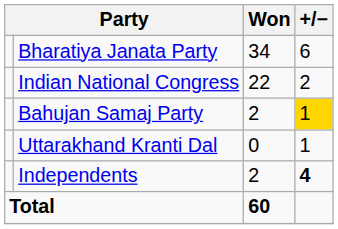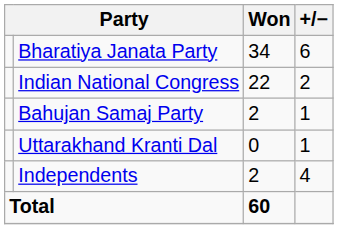 <table class="sortable wikitable">
 <tr>
 <th colspan="2">Party</th>
 <th>Won</th>
 <th><strong>+/−</strong></th>
 </tr>
 <tr>
 <td></td>
 <td><a href='#'>Bharatiya Janata Party</a></td>
 <td>34</td>
 <td>6</td>
 </tr>
 <tr>
 <td></td>
 <td><a href='#'>Indian National Congress</a></td>
 <td>22</td>
 <td>2</td>
 </tr>
 <tr>
 <td></td>
 <td><a href='#'>Bahujan Samaj Party</a></td>
 <td>2</td>
-<td style="background: gold;">1</td>
+<td>1</td>
 </tr>
 <tr>
 <td></td>
 <td><a href='#'>Uttarakhand Kranti Dal</a></td>
 <td>0</td>
 <td>1</td>
 </tr>
 <tr>
 <td></td>
 <td><a href='#'>Independents</a></td>
 <td>2</td>
-<td><strong>4</strong></td>
+<td>4</td>
 </tr>
 <tr>
 <td colspan="2"><strong>Total</strong></td>
 <td><strong>60</strong></td>
 <td></td>
 </tr>
 <tr>
 </tr>
 </table>
